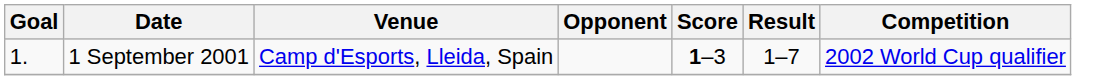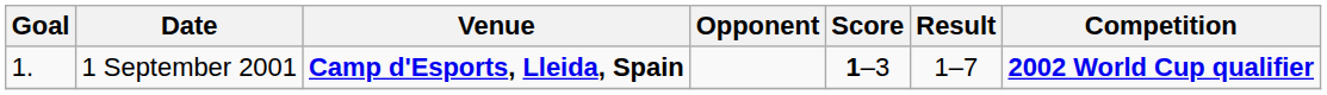 <table class="wikitable plainrowheaders sortable">
 <tr>
 <th>Goal</th>
 <th>Date</th>
 <th>Venue</th>
 <th>Opponent</th>
 <th>Score</th>
 <th>Result</th>
 <th>Competition</th>
 </tr>
 <tr>
 <td>1.</td>
 <td>1 September 2001</td>
-<td><a href='#'>Camp d'Esports</a>, <a href='#'>Lleida</a>, Spain</td>
+<td><strong><a href='#'>Camp d'Esports</a>, <a href='#'>Lleida</a>, Spain</strong></td>
 <td></td>
 <td align=center><strong>1</strong>–3</td>
 <td align=center>1–7</td>
-<td><a href='#'>2002 World Cup qualifier</a></td>
+<td><strong><a href='#'>2002 World Cup qualifier</a></strong></td>
 </tr>
 <tr>
 </tr>
 </table>
